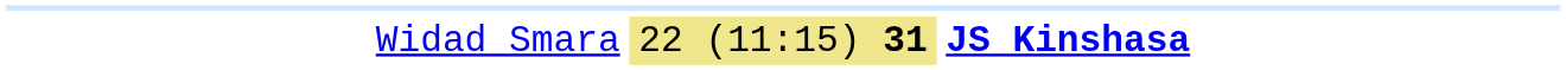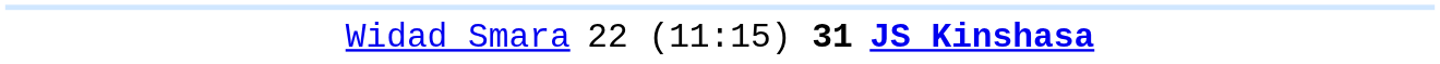 <table style="text-align:center" width=550>
 <tr>
 <th width=30%></th>
 <th width=15%></th>
 <th width=30%></th>
 </tr>
 <tr align="left" bgcolor=#D0E7FF>
 <td colspan=4></td>
 </tr>
 <tr>
 <td align="right"><a href='#'>Widad Smara</a> </td>
-<td style="background: khaki;">22 (11:15) <strong>31</strong></td>
+<td>22 (11:15) <strong>31</strong></td>
 <td align=left> <strong><a href='#'>JS Kinshasa</a></strong></td>
 </tr>
 </table>
